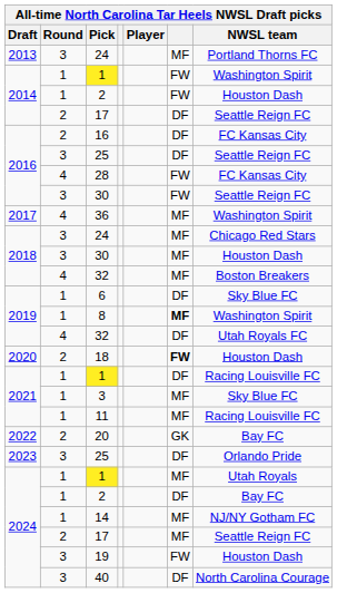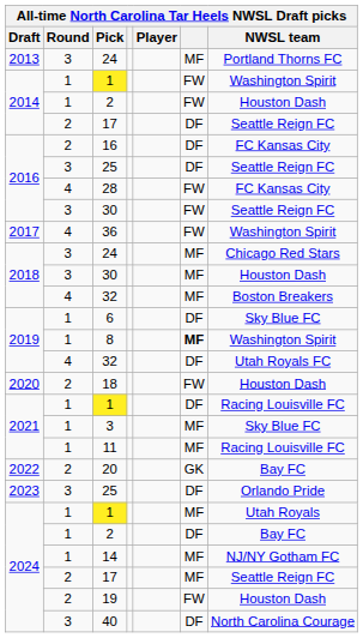 <table class="wikitable sortable" style="text-align: center;">
 <tr>
 <th colspan="7" style="background:#">All-time <a href='#'><span>North Carolina Tar Heels</span></a> NWSL Draft picks</th>
 </tr>
 <tr>
 <th scope="col">Draft</th>
 <th scope="col">Round</th>
 <th scope="col">Pick</th>
 <th scope="col"></th>
 <th scope="col">Player</th>
 <th scope="col"></th>
 <th scope="col">NWSL team</th>
 </tr>
 <tr>
 <td><a href='#'>2013</a></td>
 <td>3</td>
 <td>24</td>
 <td></td>
 <td></td>
 <td>MF</td>
 <td><a href='#'>Portland Thorns FC</a></td>
 </tr>
 <tr>
 <td rowspan="3"><a href='#'>2014</a></td>
 <td>1</td>
 <td style="background-color:#FE2">1</td>
 <td></td>
 <td></td>
 <td>FW</td>
 <td><a href='#'>Washington Spirit</a></td>
 </tr>
 <tr>
 <td>1</td>
 <td>2</td>
 <td></td>
 <td></td>
 <td>FW</td>
 <td><a href='#'>Houston Dash</a></td>
 </tr>
 <tr>
 <td>2</td>
 <td>17</td>
 <td></td>
 <td></td>
 <td>DF</td>
 <td><a href='#'>Seattle Reign FC</a></td>
 </tr>
 <tr>
 <td rowspan="4"><a href='#'>2016</a></td>
 <td>2</td>
 <td>16</td>
 <td></td>
 <td></td>
 <td>DF</td>
 <td><a href='#'>FC Kansas City</a></td>
 </tr>
 <tr>
 <td>3</td>
 <td>25</td>
 <td></td>
 <td></td>
 <td>DF</td>
 <td><a href='#'>Seattle Reign FC</a></td>
 </tr>
 <tr>
 <td>4</td>
 <td>28</td>
 <td></td>
 <td></td>
 <td>FW</td>
 <td><a href='#'>FC Kansas City</a></td>
 </tr>
 <tr>
 <td>3</td>
 <td>30</td>
 <td></td>
 <td></td>
 <td>FW</td>
 <td><a href='#'>Seattle Reign FC</a></td>
 </tr>
 <tr>
 <td><a href='#'>2017</a></td>
 <td>4</td>
 <td>36</td>
 <td></td>
 <td></td>
-<td>MF</td>
+<td>FW</td>
 <td><a href='#'>Washington Spirit</a></td>
 </tr>
 <tr>
 <td rowspan="3"><a href='#'>2018</a></td>
 <td>3</td>
 <td>24</td>
 <td></td>
 <td></td>
 <td>MF</td>
 <td><a href='#'>Chicago Red Stars</a></td>
 </tr>
 <tr>
 <td>3</td>
 <td>30</td>
 <td></td>
 <td></td>
 <td>MF</td>
 <td><a href='#'>Houston Dash</a></td>
 </tr>
 <tr>
 <td>4</td>
 <td>32</td>
 <td></td>
 <td></td>
 <td>MF</td>
 <td><a href='#'>Boston Breakers</a></td>
 </tr>
 <tr>
 <td rowspan="3"><a href='#'>2019</a></td>
 <td>1</td>
 <td>6</td>
 <td></td>
 <td></td>
 <td>DF</td>
 <td><a href='#'>Sky Blue FC</a></td>
 </tr>
 <tr>
 <td>1</td>
 <td>8</td>
 <td></td>
 <td></td>
 <td><strong>MF</strong></td>
 <td><a href='#'>Washington Spirit</a></td>
 </tr>
 <tr>
 <td>4</td>
 <td>32</td>
 <td></td>
 <td></td>
 <td>DF</td>
 <td><a href='#'>Utah Royals FC</a></td>
 </tr>
 <tr>
 <td><a href='#'>2020</a></td>
 <td>2</td>
 <td>18</td>
 <td></td>
 <td></td>
-<td><strong>FW</strong></td>
+<td>FW</td>
 <td><a href='#'>Houston Dash</a></td>
 </tr>
 <tr>
 <td rowspan="3"><a href='#'>2021</a></td>
 <td>1</td>
 <td style="background-color:#FE2">1</td>
 <td></td>
 <td></td>
 <td>DF</td>
 <td><a href='#'>Racing Louisville FC</a></td>
 </tr>
 <tr>
 <td>1</td>
 <td>3</td>
 <td></td>
 <td></td>
 <td>MF</td>
 <td><a href='#'>Sky Blue FC</a></td>
 </tr>
 <tr>
 <td>1</td>
 <td>11</td>
 <td></td>
 <td></td>
 <td>MF</td>
 <td><a href='#'>Racing Louisville FC</a></td>
 </tr>
 <tr>
 <td><a href='#'>2022</a></td>
 <td>2</td>
 <td>20</td>
 <td></td>
 <td></td>
 <td>GK</td>
 <td><a href='#'>Bay FC</a></td>
 </tr>
 <tr>
 <td><a href='#'>2023</a></td>
 <td>3</td>
 <td>25</td>
 <td></td>
 <td></td>
 <td>DF</td>
 <td><a href='#'>Orlando Pride</a></td>
 </tr>
 <tr>
 <td rowspan="6"><a href='#'>2024</a></td>
 <td>1</td>
 <td style="background-color:#FE2">1</td>
 <td></td>
 <td></td>
 <td>MF</td>
 <td><a href='#'>Utah Royals</a></td>
 </tr>
 <tr>
 <td>1</td>
 <td>2</td>
 <td></td>
 <td></td>
 <td>DF</td>
 <td><a href='#'>Bay FC</a></td>
 </tr>
 <tr>
 <td>1</td>
 <td>14</td>
 <td></td>
 <td></td>
 <td>MF</td>
 <td><a href='#'>NJ/NY Gotham FC</a></td>
 </tr>
 <tr>
 <td>2</td>
 <td>17</td>
 <td></td>
 <td></td>
 <td>MF</td>
 <td><a href='#'>Seattle Reign FC</a></td>
 </tr>
 <tr>
-<td>3</td>
+<td>2</td>
 <td>19</td>
 <td></td>
 <td></td>
 <td>FW</td>
 <td><a href='#'>Houston Dash</a></td>
 </tr>
 <tr>
 <td>3</td>
 <td>40</td>
 <td></td>
 <td></td>
 <td>DF</td>
 <td><a href='#'>North Carolina Courage</a></td>
 </tr>
 </table>
